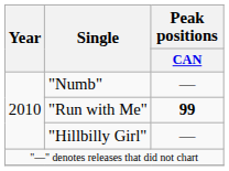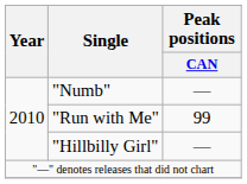 <table class="wikitable" style="text-align:center;">
 <tr>
 <th rowspan="2">Year</th>
 <th rowspan="2">Single</th>
 <th>Peak positions</th>
 </tr>
 <tr style="font-size:smaller;">
 <th width="65"><a href='#'>CAN</a></th>
 </tr>
 <tr>
 <td rowspan="3">2010</td>
 <td align="left">"Numb"</td>
 <td>—</td>
 </tr>
 <tr>
 <td align="left">"Run with Me"</td>
-<td><strong>99</strong></td>
+<td>99</td>
 </tr>
 <tr>
 <td align="left">"Hillbilly Girl"</td>
 <td>—</td>
 </tr>
 <tr>
 <td colspan="3" style="font-size:8pt">"—" denotes releases that did not chart</td>
 </tr>
 <tr>
 </tr>
 </table>
